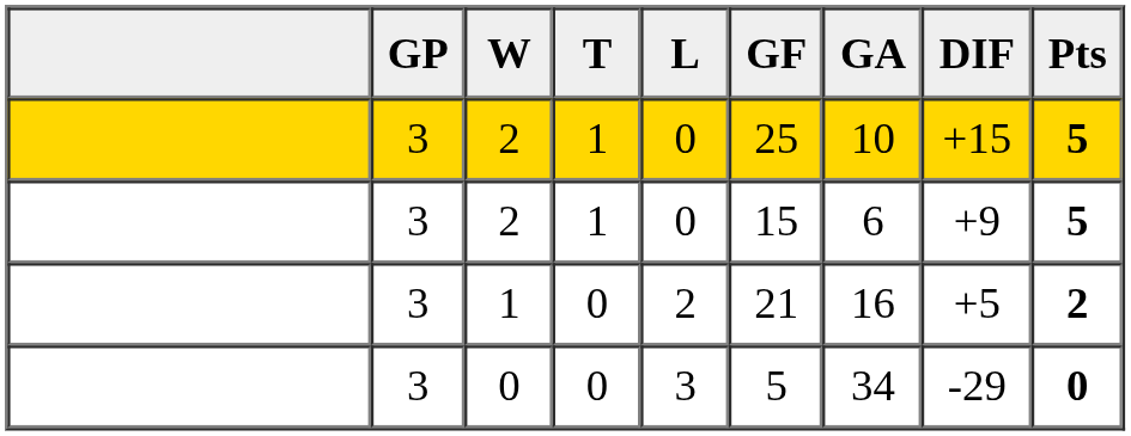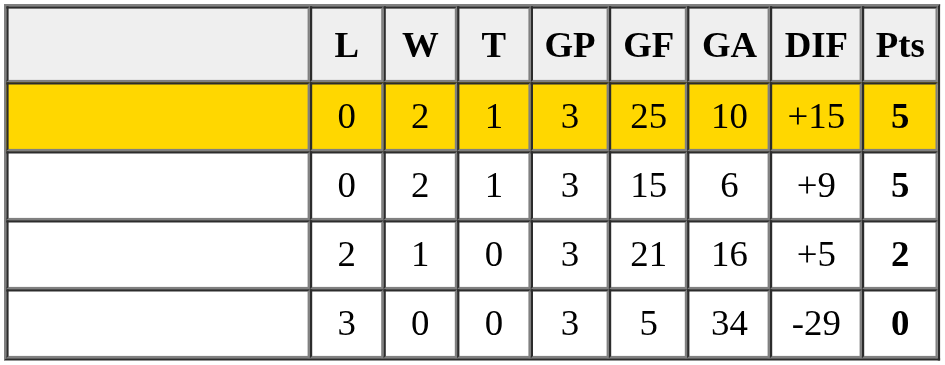 <table border=1 cellpadding=5 cellspacing=0>
 <tr>
 <th bgcolor="#efefef" width="120">　</th>
-<th bgcolor="#efefef" width="20">GP</th>
+<th bgcolor="#efefef" width="20">L</th>
 <th bgcolor="#efefef" width="20">W</th>
 <th bgcolor="#efefef" width="20">T</th>
-<th bgcolor="#efefef" width="20">L</th>
+<th bgcolor="#efefef" width="20">GP</th>
 <th bgcolor="#efefef" width="20">GF</th>
 <th bgcolor="#efefef" width="20">GA</th>
 <th bgcolor="#efefef" width="20">DIF</th>
 <th bgcolor="#efefef" width="20">Pts</th>
 </tr>
 <tr align=center bgcolor= gold>
 <td align=left><strong></strong></td>
-<td>3</td>
+<td>0</td>
 <td>2</td>
 <td>1</td>
-<td>0</td>
+<td>3</td>
 <td>25</td>
 <td>10</td>
 <td>+15</td>
 <td><strong>5</strong></td>
 </tr>
 <tr align=center>
 <td align=left></td>
-<td>3</td>
+<td>0</td>
 <td>2</td>
 <td>1</td>
-<td>0</td>
+<td>3</td>
 <td>15</td>
 <td>6</td>
 <td>+9</td>
 <td><strong>5</strong></td>
 </tr>
 <tr align=center>
 <td align=left></td>
-<td>3</td>
+<td>2</td>
 <td>1</td>
 <td>0</td>
-<td>2</td>
+<td>3</td>
 <td>21</td>
 <td>16</td>
 <td>+5</td>
 <td><strong>2</strong></td>
 </tr>
 <tr align=center>
 <td align=left></td>
 <td>3</td>
 <td>0</td>
 <td>0</td>
 <td>3</td>
 <td>5</td>
 <td>34</td>
 <td>-29</td>
 <td><strong>0</strong></td>
 </tr>
 </table>
